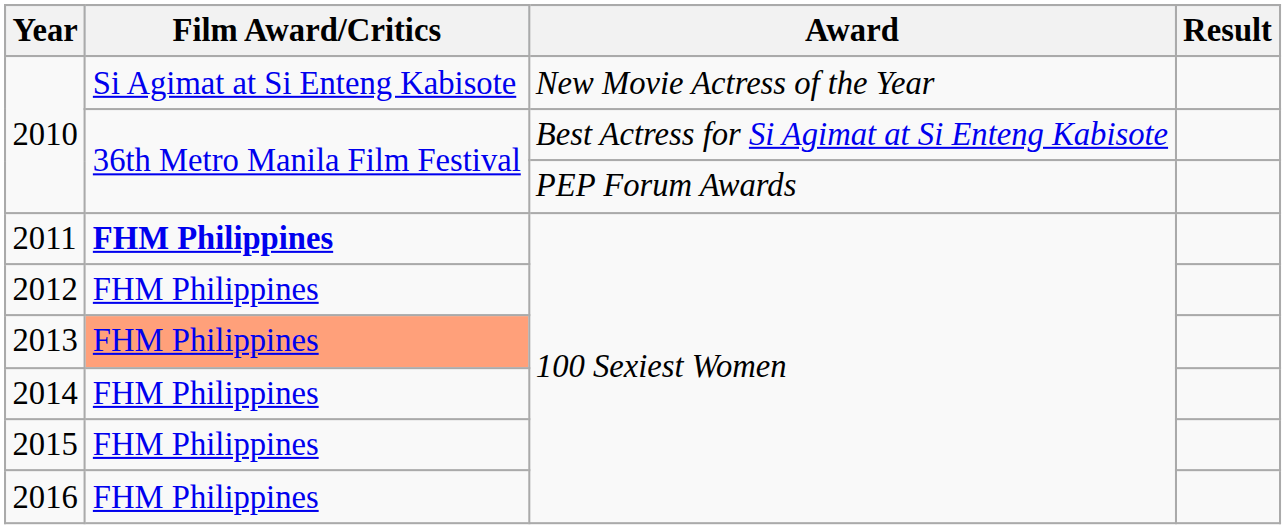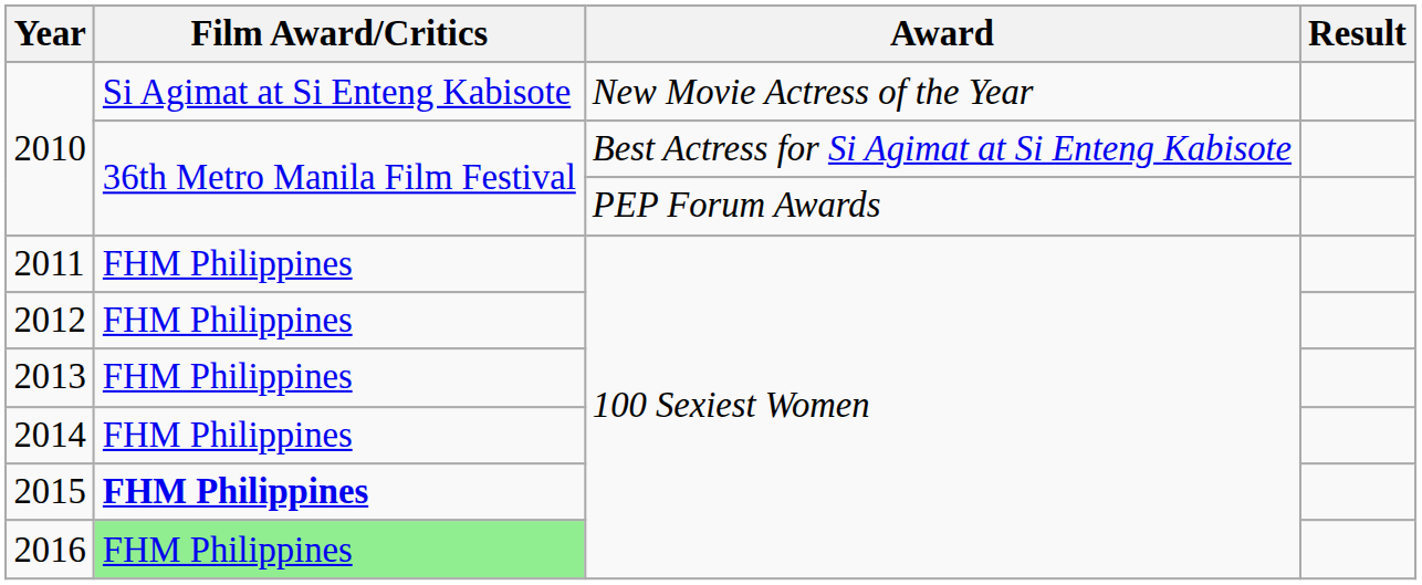 <table class="wikitable">
 <tr style="background:#b0c4de; text-align:center;">
 <th>Year</th>
 <th>Film Award/Critics</th>
 <th>Award</th>
 <th>Result</th>
 </tr>
 <tr>
 <td rowspan="3">2010</td>
 <td><a href='#'>Si Agimat at Si Enteng Kabisote</a></td>
 <td><em>New Movie Actress of the Year</em></td>
 <td></td>
 </tr>
 <tr>
 <td rowspan="2"><a href='#'>36th Metro Manila Film Festival</a></td>
 <td><em>Best Actress for <a href='#'>Si Agimat at Si Enteng Kabisote</a></em></td>
 <td></td>
 </tr>
 <tr>
 <td><em>PEP Forum Awards</em></td>
 <td></td>
 </tr>
 <tr>
 <td>2011</td>
-<td><strong><a href='#'>FHM Philippines</a></strong></td>
+<td><a href='#'>FHM Philippines</a></td>
 <td rowspan="6"><em>100 Sexiest Women</em></td>
 <td></td>
 </tr>
 <tr>
 <td>2012</td>
 <td><a href='#'>FHM Philippines</a></td>
 <td></td>
 </tr>
 <tr>
 <td>2013</td>
-<td style="background: lightsalmon;"><a href='#'>FHM Philippines</a></td>
+<td><a href='#'>FHM Philippines</a></td>
 <td></td>
 </tr>
 <tr>
 <td>2014</td>
 <td><a href='#'>FHM Philippines</a></td>
 <td></td>
 </tr>
 <tr>
 <td>2015</td>
-<td><a href='#'>FHM Philippines</a></td>
+<td><strong><a href='#'>FHM Philippines</a></strong></td>
 <td></td>
 </tr>
 <tr>
 <td>2016</td>
-<td><a href='#'>FHM Philippines</a></td>
+<td style="background: lightgreen;"><a href='#'>FHM Philippines</a></td>
 <td></td>
 </tr>
 </table>
